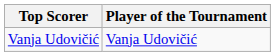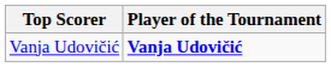 <table class=wikitable style="text-align:left; margin:auto">
 <tr>
 <th>Top Scorer</th>
 <th>Player of the Tournament</th>
 </tr>
 <tr>
 <td> <a href='#'>Vanja Udovičić</a></td>
-<td> <a href='#'>Vanja Udovičić</a></td>
+<td><strong> <a href='#'>Vanja Udovičić</a></strong></td>
 </tr>
 </table>
